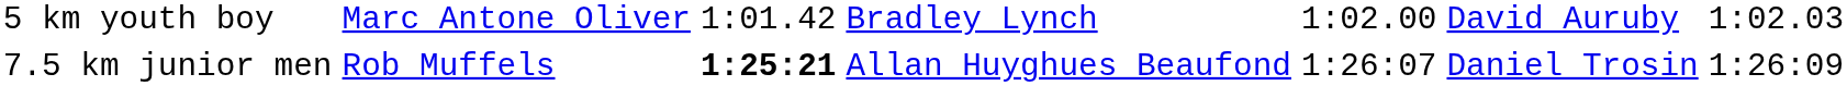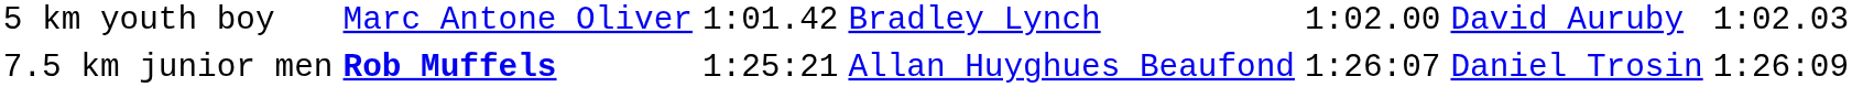 <table>
 <tr valign="top">
 <td>5 km youth boy</td>
 <td><a href='#'>Marc Antone Oliver</a><br><small></small></td>
 <td>1:01.42</td>
 <td><a href='#'>Bradley Lynch</a><br><small></small></td>
 <td>1:02.00</td>
 <td><a href='#'>David Auruby</a><br><small></small></td>
 <td>1:02.03</td>
 </tr>
 <tr valign="top">
 <td>7.5 km junior men</td>
-<td><a href='#'>Rob Muffels</a><br><small></small></td>
-<td><strong>1:25:21</strong></td>
+<td><strong><a href='#'>Rob Muffels</a><br><small></small></strong></td>
+<td>1:25:21</td>
 <td><a href='#'>Allan Huyghues Beaufond</a><br><small></small></td>
 <td>1:26:07</td>
 <td><a href='#'>Daniel Trosin</a> <br><small></small></td>
 <td>1:26:09</td>
 </tr>
 </table>
